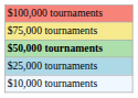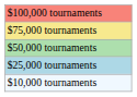 <table class="wikitable" style="font-size:85%; width:13%">
 <tr style="background:#f88379;">
 <td>$100,000 tournaments</td>
 </tr>
 <tr style="background:#f7e98e;">
 <td>$75,000 tournaments</td>
 </tr>
 <tr style="background:#addfad;">
-<td><strong>$50,000 tournaments</strong></td>
+<td>$50,000 tournaments</td>
 </tr>
 <tr style="background:lightblue;">
 <td>$25,000 tournaments</td>
 </tr>
 <tr style="background:#f0f8ff;">
 <td>$10,000 tournaments</td>
 </tr>
 </table>
